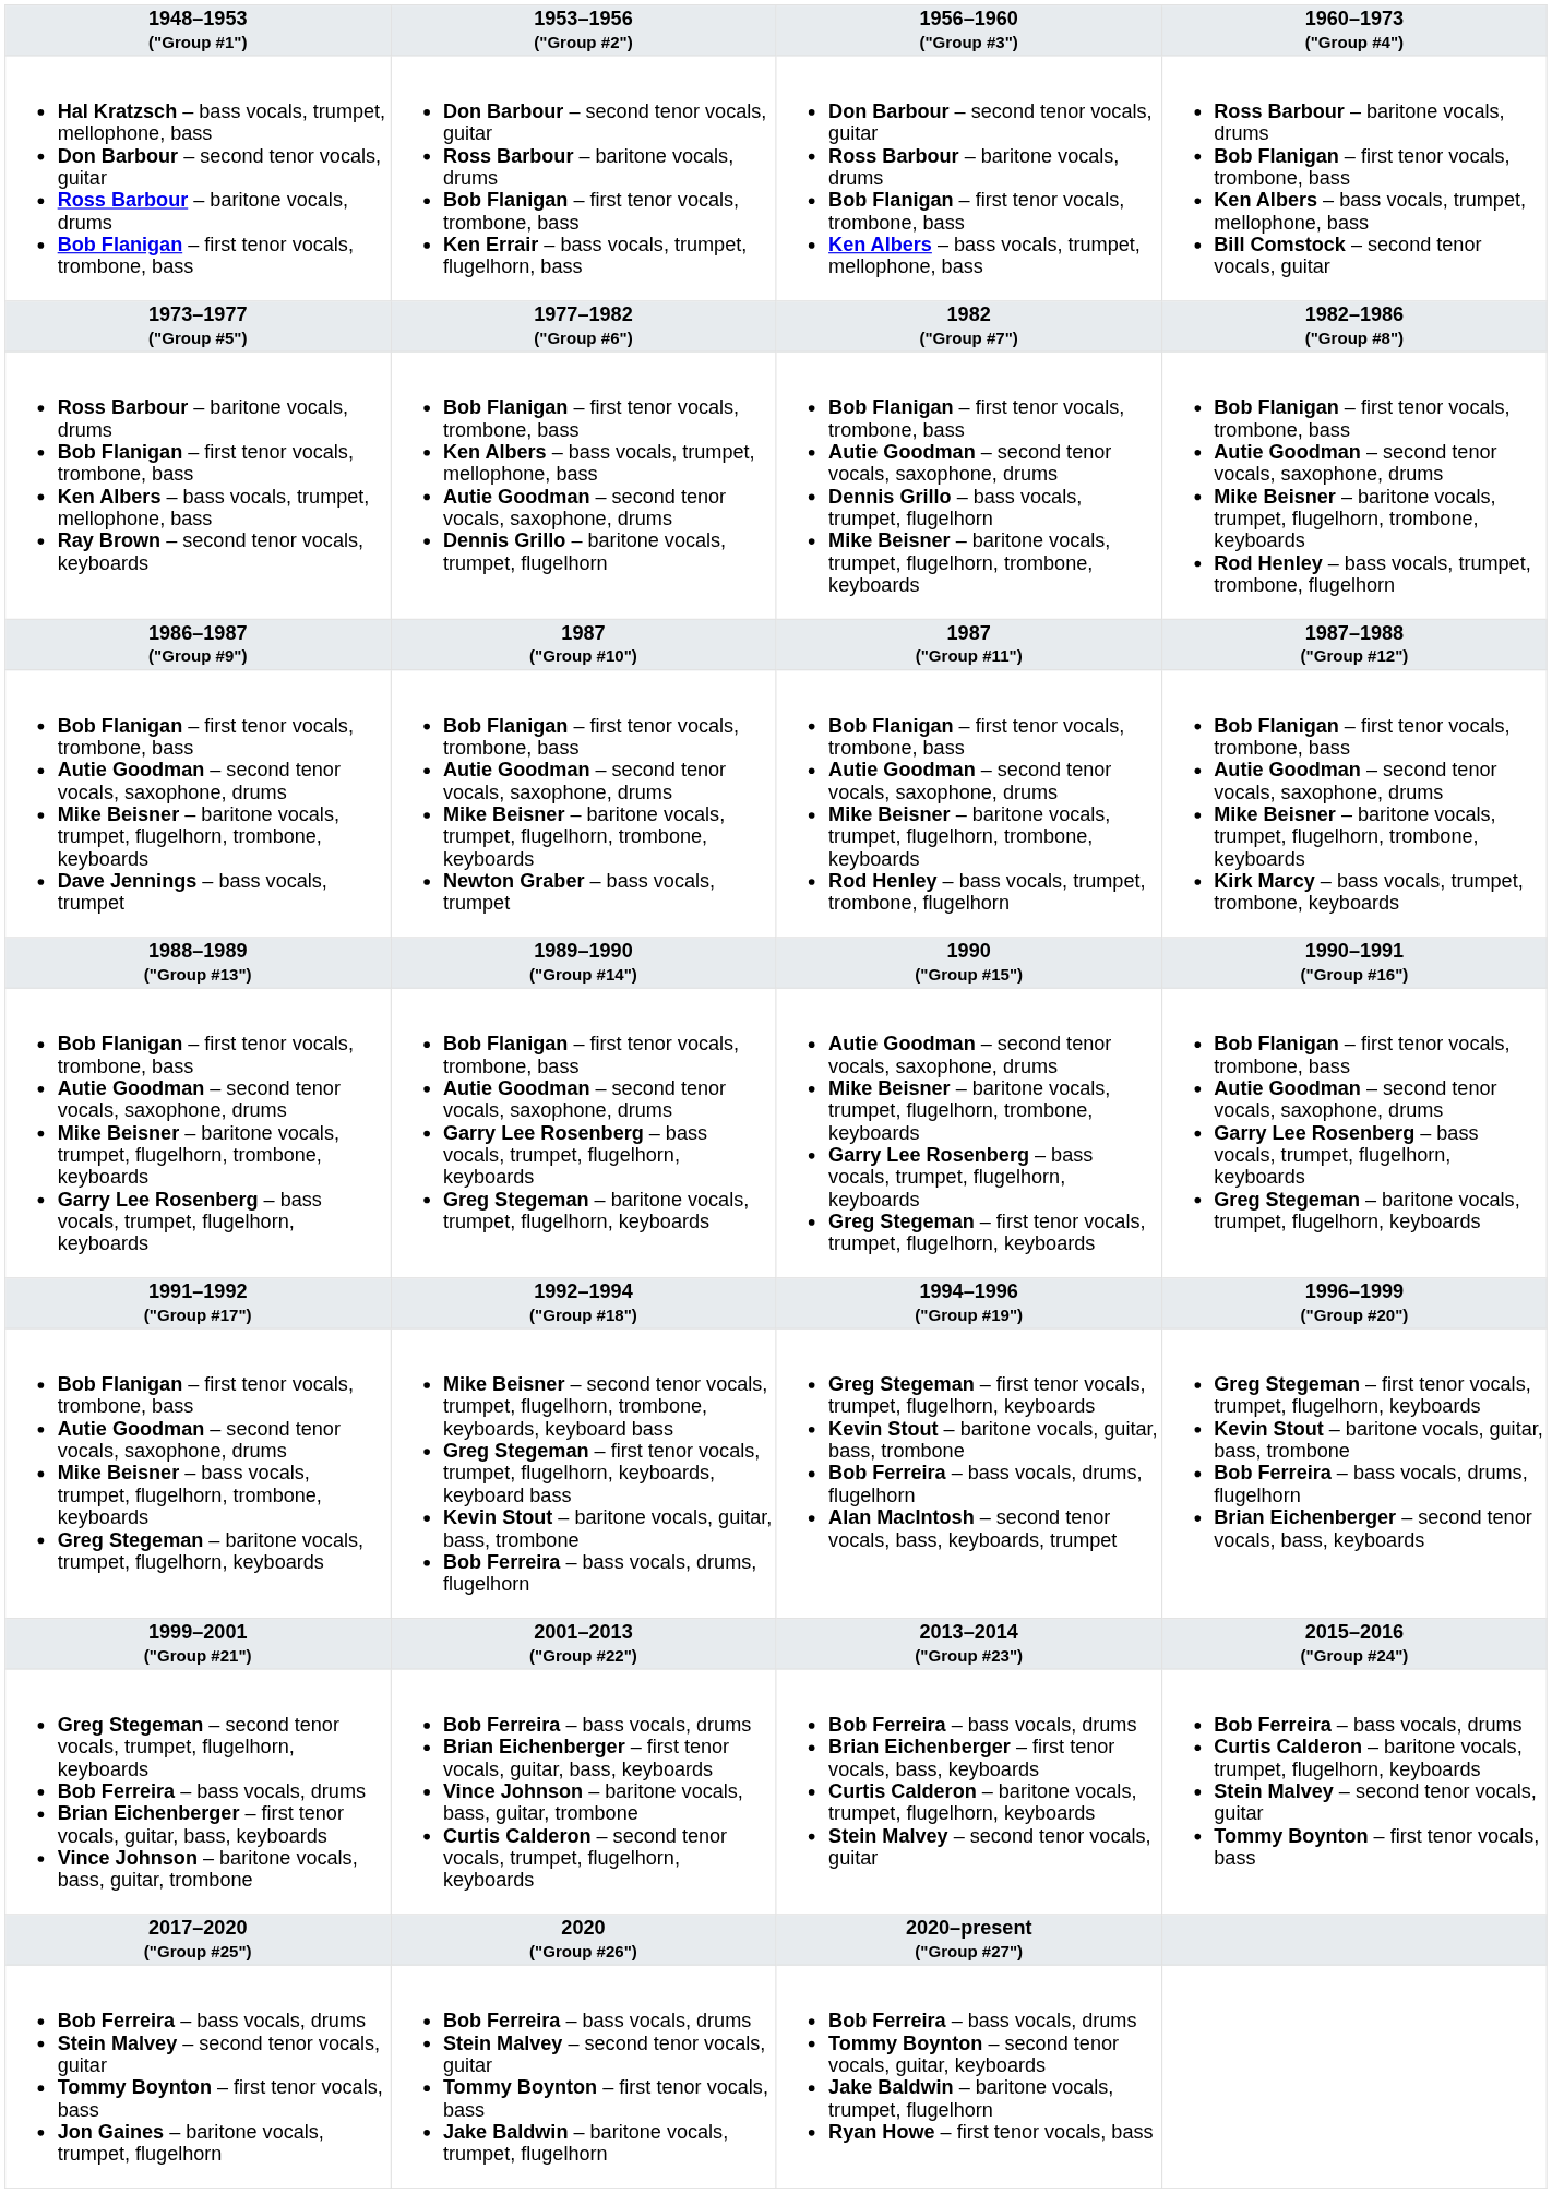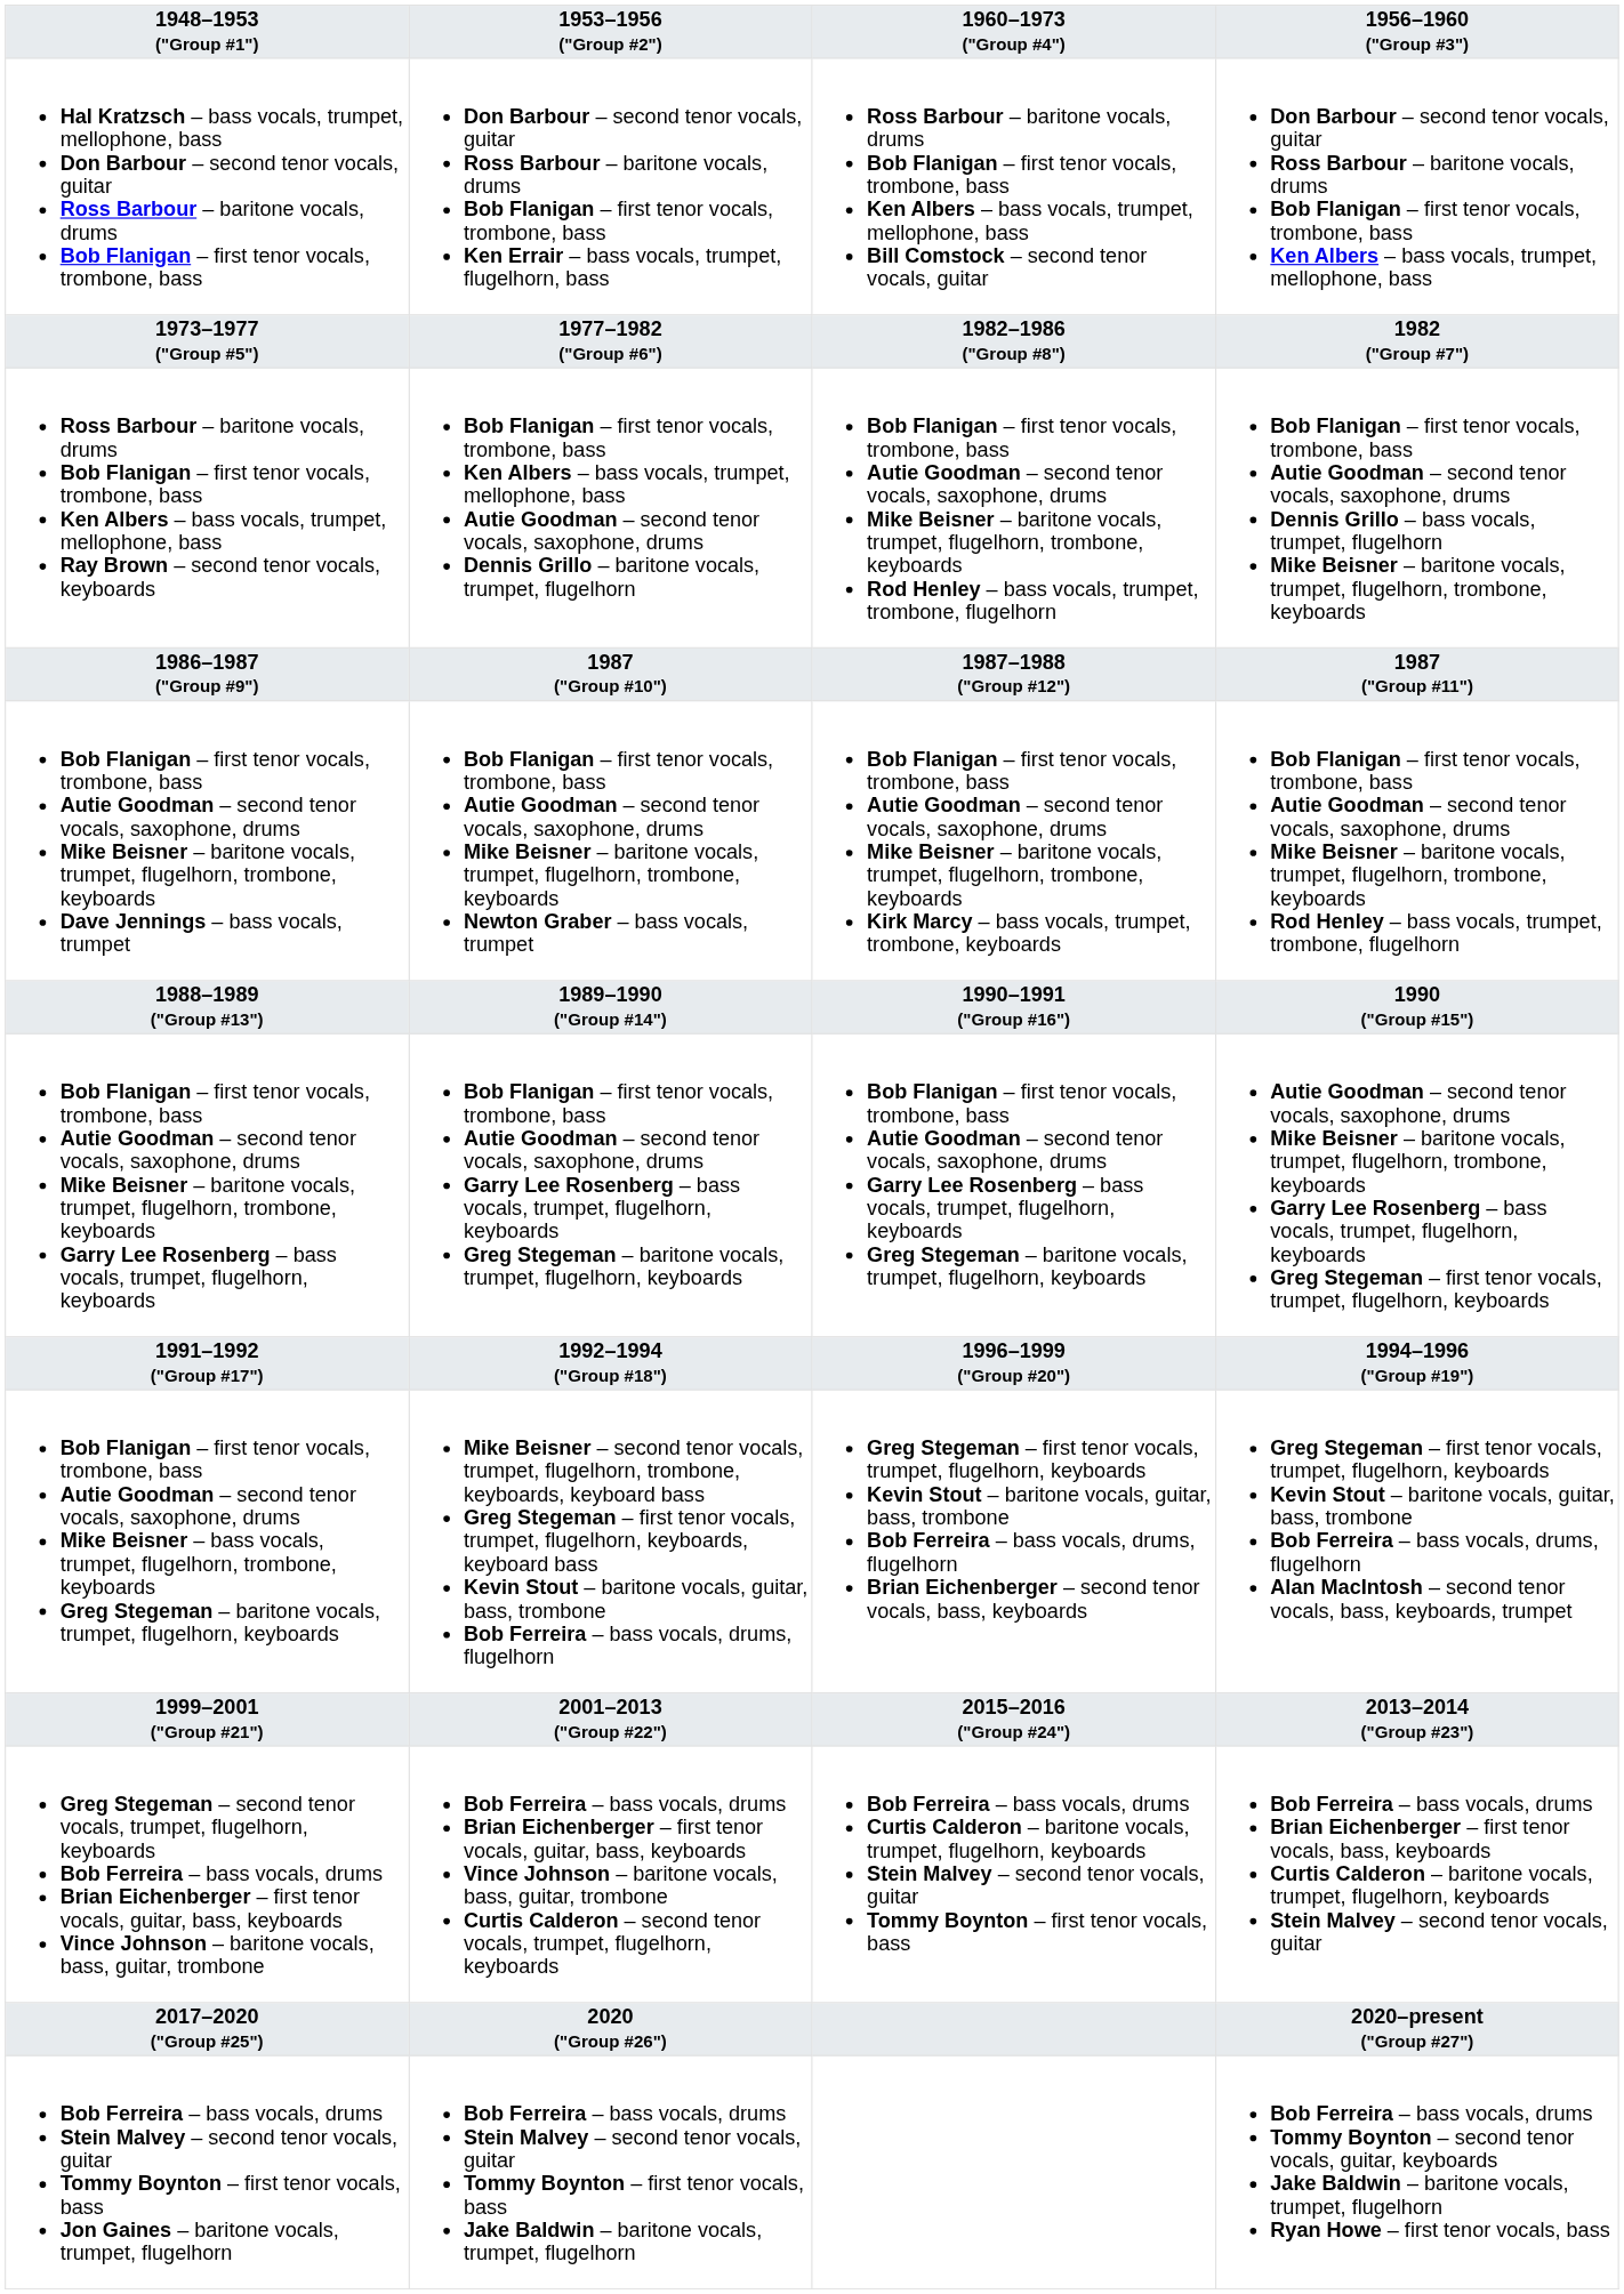 <table class="toccolours" border="1" cellpadding="2" cellspacing="0"  style="float:width:375px; margin:0 0 1em 1em; border-collapse:collapse; border:1px solid #e2e2e2; width:99%;">
 <tr>
 <th style="vertical-align:top; background:#e7ebee; width:25%;">1948–1953<br><small>("Group #1")</small></th>
 <th style="vertical-align:top; background:#e7ebee; width:25%;">1953–1956<br><small>("Group #2")</small></th>
+<th style="vertical-align:top; background:#e7ebee; width:25%;">1960–1973<br><small>("Group #4")</small></th>
 <th style="vertical-align:top; background:#e7ebee; width:25%;">1956–1960<br><small>("Group #3")</small></th>
-<th style="vertical-align:top; background:#e7ebee; width:25%;">1960–1973<br><small>("Group #4")</small></th>
 </tr>
 <tr>
 <td valign=top><br><ul><li><strong>Hal Kratzsch</strong> – bass vocals, trumpet, mellophone, bass</li><li><strong>Don Barbour</strong> – second tenor vocals, guitar</li><li><strong><a href='#'>Ross Barbour</a></strong> – baritone vocals, drums</li><li><strong><a href='#'>Bob Flanigan</a></strong> – first tenor vocals, trombone, bass</li></ul></td>
 <td valign=top><br><ul><li><strong>Don Barbour</strong> – second tenor vocals, guitar</li><li><strong>Ross Barbour</strong> – baritone vocals, drums</li><li><strong>Bob Flanigan</strong> – first tenor vocals, trombone, bass</li><li><strong>Ken Errair</strong> – bass vocals, trumpet, flugelhorn, bass</li></ul></td>
+<td valign=top><br><ul><li><strong>Ross Barbour</strong> – baritone vocals, drums</li><li><strong>Bob Flanigan</strong> – first tenor vocals, trombone, bass</li><li><strong>Ken Albers</strong> – bass vocals, trumpet, mellophone, bass</li><li><strong>Bill Comstock</strong> – second tenor vocals, guitar</li></ul></td>
 <td valign=top><br><ul><li><strong>Don Barbour</strong> – second tenor vocals, guitar</li><li><strong>Ross Barbour</strong> – baritone vocals, drums</li><li><strong>Bob Flanigan</strong> – first tenor vocals, trombone, bass</li><li><strong><a href='#'>Ken Albers</a></strong> – bass vocals, trumpet, mellophone, bass</li></ul></td>
-<td valign=top><br><ul><li><strong>Ross Barbour</strong> – baritone vocals, drums</li><li><strong>Bob Flanigan</strong> – first tenor vocals, trombone, bass</li><li><strong>Ken Albers</strong> – bass vocals, trumpet, mellophone, bass</li><li><strong>Bill Comstock</strong> – second tenor vocals, guitar</li></ul></td>
 </tr>
 <tr>
 <th style="vertical-align:top; background:#e7ebee; width:25%;">1973–1977<br><small>("Group #5")</small></th>
 <th style="vertical-align:top; background:#e7ebee; width:25%;">1977–1982<br><small>("Group #6")</small></th>
+<th style="vertical-align:top; background:#e7ebee; width:25%;">1982–1986<br><small>("Group #8")</small></th>
 <th style="vertical-align:top; background:#e7ebee; width:25%;">1982<br><small>("Group #7")</small></th>
-<th style="vertical-align:top; background:#e7ebee; width:25%;">1982–1986<br><small>("Group #8")</small></th>
 </tr>
 <tr>
 <td valign=top><br><ul><li><strong>Ross Barbour</strong> – baritone vocals, drums</li><li><strong>Bob Flanigan</strong> – first tenor vocals, trombone, bass</li><li><strong>Ken Albers</strong> – bass vocals, trumpet, mellophone, bass</li><li><strong>Ray Brown</strong> – second tenor vocals, keyboards</li></ul></td>
 <td valign=top><br><ul><li><strong>Bob Flanigan</strong> – first tenor vocals, trombone, bass</li><li><strong>Ken Albers</strong> – bass vocals, trumpet, mellophone, bass</li><li><strong>Autie Goodman</strong> – second tenor vocals, saxophone, drums</li><li><strong>Dennis Grillo</strong> – baritone vocals, trumpet, flugelhorn</li></ul></td>
+<td valign=top><br><ul><li><strong>Bob Flanigan</strong> – first tenor vocals, trombone, bass</li><li><strong>Autie Goodman</strong> – second tenor vocals, saxophone, drums</li><li><strong>Mike Beisner</strong> – baritone vocals, trumpet, flugelhorn, trombone, keyboards</li><li><strong>Rod Henley</strong> – bass vocals, trumpet, trombone, flugelhorn</li></ul></td>
 <td valign=top><br><ul><li><strong>Bob Flanigan</strong> – first tenor vocals, trombone, bass</li><li><strong>Autie Goodman</strong> – second tenor vocals, saxophone, drums</li><li><strong>Dennis Grillo</strong> – bass vocals, trumpet, flugelhorn</li><li><strong>Mike Beisner</strong> – baritone vocals, trumpet, flugelhorn, trombone, keyboards</li></ul></td>
-<td valign=top><br><ul><li><strong>Bob Flanigan</strong> – first tenor vocals, trombone, bass</li><li><strong>Autie Goodman</strong> – second tenor vocals, saxophone, drums</li><li><strong>Mike Beisner</strong> – baritone vocals, trumpet, flugelhorn, trombone, keyboards</li><li><strong>Rod Henley</strong> – bass vocals, trumpet, trombone, flugelhorn</li></ul></td>
 </tr>
 <tr>
 <th style="vertical-align:top; background:#e7ebee; width:25%;">1986–1987<br><small>("Group #9")</small></th>
 <th style="vertical-align:top; background:#e7ebee; width:25%;">1987<br><small>("Group #10")</small></th>
+<th style="vertical-align:top; background:#e7ebee; width:25%;">1987–1988<br><small>("Group #12")</small></th>
 <th style="vertical-align:top; background:#e7ebee; width:25%;">1987<br><small>("Group #11")</small></th>
-<th style="vertical-align:top; background:#e7ebee; width:25%;">1987–1988<br><small>("Group #12")</small></th>
 </tr>
 <tr>
 <td valign=top><br><ul><li><strong>Bob Flanigan</strong> – first tenor vocals, trombone, bass</li><li><strong>Autie Goodman</strong> – second tenor vocals, saxophone, drums</li><li><strong>Mike Beisner</strong> – baritone vocals, trumpet, flugelhorn, trombone, keyboards</li><li><strong>Dave Jennings</strong> – bass vocals, trumpet</li></ul></td>
 <td valign=top><br><ul><li><strong>Bob Flanigan</strong> – first tenor vocals, trombone, bass</li><li><strong>Autie Goodman</strong> – second tenor vocals, saxophone, drums</li><li><strong>Mike Beisner</strong> – baritone vocals, trumpet, flugelhorn, trombone, keyboards</li><li><strong>Newton Graber</strong> – bass vocals, trumpet</li></ul></td>
+<td valign=top><br><ul><li><strong>Bob Flanigan</strong> – first tenor vocals, trombone, bass</li><li><strong>Autie Goodman</strong> – second tenor vocals, saxophone, drums</li><li><strong>Mike Beisner</strong> – baritone vocals, trumpet, flugelhorn, trombone, keyboards</li><li><strong>Kirk Marcy</strong> – bass vocals, trumpet, trombone, keyboards</li></ul></td>
 <td valign=top><br><ul><li><strong>Bob Flanigan</strong> – first tenor vocals, trombone, bass</li><li><strong>Autie Goodman</strong> – second tenor vocals, saxophone, drums</li><li><strong>Mike Beisner</strong> – baritone vocals, trumpet, flugelhorn, trombone, keyboards</li><li><strong>Rod Henley</strong> – bass vocals, trumpet, trombone, flugelhorn</li></ul></td>
-<td valign=top><br><ul><li><strong>Bob Flanigan</strong> – first tenor vocals, trombone, bass</li><li><strong>Autie Goodman</strong> – second tenor vocals, saxophone, drums</li><li><strong>Mike Beisner</strong> – baritone vocals, trumpet, flugelhorn, trombone, keyboards</li><li><strong>Kirk Marcy</strong> – bass vocals, trumpet, trombone, keyboards</li></ul></td>
 </tr>
 <tr>
 <th style="vertical-align:top; background:#e7ebee; width:25%;">1988–1989<br><small>("Group #13")</small></th>
 <th style="vertical-align:top; background:#e7ebee; width:25%;">1989–1990<br><small>("Group #14")</small></th>
+<th style="vertical-align:top; background:#e7ebee; width:25%;">1990–1991<br><small>("Group #16")</small></th>
 <th style="vertical-align:top; background:#e7ebee; width:25%;">1990<br><small>("Group #15")</small></th>
-<th style="vertical-align:top; background:#e7ebee; width:25%;">1990–1991<br><small>("Group #16")</small></th>
 </tr>
 <tr>
 <td valign=top><br><ul><li><strong>Bob Flanigan</strong> – first tenor vocals, trombone, bass</li><li><strong>Autie Goodman</strong> – second tenor vocals, saxophone, drums</li><li><strong>Mike Beisner</strong> – baritone vocals, trumpet, flugelhorn, trombone, keyboards</li><li><strong>Garry Lee Rosenberg</strong> – bass vocals, trumpet, flugelhorn, keyboards</li></ul></td>
 <td valign=top><br><ul><li><strong>Bob Flanigan</strong> – first tenor vocals, trombone, bass</li><li><strong>Autie Goodman</strong> – second tenor vocals, saxophone, drums</li><li><strong>Garry Lee Rosenberg</strong> – bass vocals, trumpet, flugelhorn, keyboards</li><li><strong>Greg Stegeman</strong> – baritone vocals, trumpet, flugelhorn, keyboards</li></ul></td>
+<td valign=top><br><ul><li><strong>Bob Flanigan</strong> – first tenor vocals, trombone, bass</li><li><strong>Autie Goodman</strong> – second tenor vocals, saxophone, drums</li><li><strong>Garry Lee Rosenberg</strong> – bass vocals, trumpet, flugelhorn, keyboards</li><li><strong>Greg Stegeman</strong> – baritone vocals, trumpet, flugelhorn, keyboards</li></ul></td>
 <td valign=top><br><ul><li><strong>Autie Goodman</strong> – second tenor vocals, saxophone, drums</li><li><strong>Mike Beisner</strong> – baritone vocals, trumpet, flugelhorn, trombone, keyboards</li><li><strong>Garry Lee Rosenberg</strong> – bass vocals, trumpet, flugelhorn, keyboards</li><li><strong>Greg Stegeman</strong> – first tenor vocals, trumpet, flugelhorn, keyboards</li></ul></td>
-<td valign=top><br><ul><li><strong>Bob Flanigan</strong> – first tenor vocals, trombone, bass</li><li><strong>Autie Goodman</strong> – second tenor vocals, saxophone, drums</li><li><strong>Garry Lee Rosenberg</strong> – bass vocals, trumpet, flugelhorn, keyboards</li><li><strong>Greg Stegeman</strong> – baritone vocals, trumpet, flugelhorn, keyboards</li></ul></td>
 </tr>
 <tr>
 <th style="vertical-align:top; background:#e7ebee; width:25%;">1991–1992<br><small>("Group #17")</small></th>
 <th style="vertical-align:top; background:#e7ebee; width:25%;">1992–1994<br><small>("Group #18")</small></th>
+<th style="vertical-align:top; background:#e7ebee; width:25%;">1996–1999<br><small>("Group #20")</small></th>
 <th style="vertical-align:top; background:#e7ebee; width:25%;">1994–1996<br><small>("Group #19")</small></th>
-<th style="vertical-align:top; background:#e7ebee; width:25%;">1996–1999<br><small>("Group #20")</small></th>
 </tr>
 <tr>
 <td valign=top><br><ul><li><strong>Bob Flanigan</strong> – first tenor vocals, trombone, bass</li><li><strong>Autie Goodman</strong> – second tenor vocals, saxophone, drums</li><li><strong>Mike Beisner</strong> – bass vocals, trumpet, flugelhorn, trombone, keyboards</li><li><strong>Greg Stegeman</strong> – baritone vocals, trumpet, flugelhorn, keyboards</li></ul></td>
 <td valign=top><br><ul><li><strong>Mike Beisner</strong> – second tenor vocals, trumpet, flugelhorn, trombone, keyboards, keyboard bass</li><li><strong>Greg Stegeman</strong> – first tenor vocals, trumpet, flugelhorn, keyboards, keyboard bass</li><li><strong>Kevin Stout</strong> – baritone vocals, guitar, bass, trombone</li><li><strong>Bob Ferreira</strong> – bass vocals, drums, flugelhorn</li></ul></td>
+<td valign=top><br><ul><li><strong>Greg Stegeman</strong> – first tenor vocals, trumpet, flugelhorn, keyboards</li><li><strong>Kevin Stout</strong> – baritone vocals, guitar, bass, trombone</li><li><strong>Bob Ferreira</strong> – bass vocals, drums, flugelhorn</li><li><strong>Brian Eichenberger</strong> – second tenor vocals, bass, keyboards</li></ul></td>
 <td valign=top><br><ul><li><strong>Greg Stegeman</strong> – first tenor vocals, trumpet, flugelhorn, keyboards</li><li><strong>Kevin Stout</strong> – baritone vocals, guitar, bass, trombone</li><li><strong>Bob Ferreira</strong> – bass vocals, drums, flugelhorn</li><li><strong>Alan MacIntosh</strong> – second tenor vocals, bass, keyboards, trumpet</li></ul></td>
-<td valign=top><br><ul><li><strong>Greg Stegeman</strong> – first tenor vocals, trumpet, flugelhorn, keyboards</li><li><strong>Kevin Stout</strong> – baritone vocals, guitar, bass, trombone</li><li><strong>Bob Ferreira</strong> – bass vocals, drums, flugelhorn</li><li><strong>Brian Eichenberger</strong> – second tenor vocals, bass, keyboards</li></ul></td>
 </tr>
 <tr>
 <th style="vertical-align:top; background:#e7ebee; width:25%;">1999–2001<br><small>("Group #21")</small></th>
 <th style="vertical-align:top; background:#e7ebee; width:25%;">2001–2013<br><small>("Group #22")</small></th>
+<th style="vertical-align:top; background:#e7ebee; width:25%;">2015–2016<br><small>("Group #24")</small></th>
 <th style="vertical-align:top; background:#e7ebee; width:25%;">2013–2014<br><small>("Group #23")</small></th>
-<th style="vertical-align:top; background:#e7ebee; width:25%;">2015–2016<br><small>("Group #24")</small></th>
 </tr>
 <tr>
 <td valign=top><br><ul><li><strong>Greg Stegeman</strong> – second tenor vocals, trumpet, flugelhorn, keyboards</li><li><strong>Bob Ferreira</strong> – bass vocals, drums</li><li><strong>Brian Eichenberger</strong> – first tenor vocals, guitar, bass, keyboards</li><li><strong>Vince Johnson</strong> – baritone vocals, bass, guitar, trombone</li></ul></td>
 <td valign=top><br><ul><li><strong>Bob Ferreira</strong> – bass vocals, drums</li><li><strong>Brian Eichenberger</strong> – first tenor vocals, guitar, bass, keyboards</li><li><strong>Vince Johnson</strong> – baritone vocals, bass, guitar, trombone</li><li><strong>Curtis Calderon</strong> – second tenor vocals, trumpet, flugelhorn, keyboards</li></ul></td>
+<td valign=top><br><ul><li><strong>Bob Ferreira</strong> – bass vocals, drums</li><li><strong>Curtis Calderon</strong> – baritone vocals, trumpet, flugelhorn, keyboards</li><li><strong>Stein Malvey</strong> – second tenor vocals, guitar</li><li><strong>Tommy Boynton</strong> – first tenor vocals, bass</li></ul></td>
 <td valign=top><br><ul><li><strong>Bob Ferreira</strong> – bass vocals, drums</li><li><strong>Brian Eichenberger</strong> – first tenor vocals, bass, keyboards</li><li><strong>Curtis Calderon</strong> – baritone vocals, trumpet, flugelhorn, keyboards</li><li><strong>Stein Malvey</strong> – second tenor vocals, guitar</li></ul></td>
-<td valign=top><br><ul><li><strong>Bob Ferreira</strong> – bass vocals, drums</li><li><strong>Curtis Calderon</strong> – baritone vocals, trumpet, flugelhorn, keyboards</li><li><strong>Stein Malvey</strong> – second tenor vocals, guitar</li><li><strong>Tommy Boynton</strong> – first tenor vocals, bass</li></ul></td>
 </tr>
 <tr>
 <th style="vertical-align:top; background:#e7ebee; width:25%;">2017–2020<br><small>("Group #25")</small></th>
 <th style="vertical-align:top; background:#e7ebee; width:25%;">2020<br><small>("Group #26")</small></th>
+<th style="vertical-align:top; background:#e7ebee; width:25%;"></th>
 <th style="vertical-align:top; background:#e7ebee; width:25%;">2020–present<br><small>("Group #27")</small></th>
-<th style="vertical-align:top; background:#e7ebee; width:25%;"></th>
 </tr>
 <tr>
 <td valign=top><br><ul><li><strong>Bob Ferreira</strong> – bass vocals, drums</li><li><strong>Stein Malvey</strong> – second tenor vocals, guitar</li><li><strong>Tommy Boynton</strong> – first tenor vocals, bass</li><li><strong>Jon Gaines</strong> – baritone vocals, trumpet, flugelhorn</li></ul></td>
 <td valign=top><br><ul><li><strong>Bob Ferreira</strong> – bass vocals, drums</li><li><strong>Stein Malvey</strong> – second tenor vocals, guitar</li><li><strong>Tommy Boynton</strong> – first tenor vocals, bass</li><li><strong>Jake Baldwin</strong> – baritone vocals, trumpet, flugelhorn</li></ul></td>
+<td valign=top></td>
 <td valign=top><br><ul><li><strong>Bob Ferreira</strong> – bass vocals, drums</li><li><strong>Tommy Boynton</strong> – second tenor vocals, guitar, keyboards</li><li><strong>Jake Baldwin</strong> – baritone vocals, trumpet, flugelhorn</li><li><strong>Ryan Howe</strong> – first tenor vocals, bass</li></ul></td>
-<td valign=top></td>
 </tr>
 </table>
